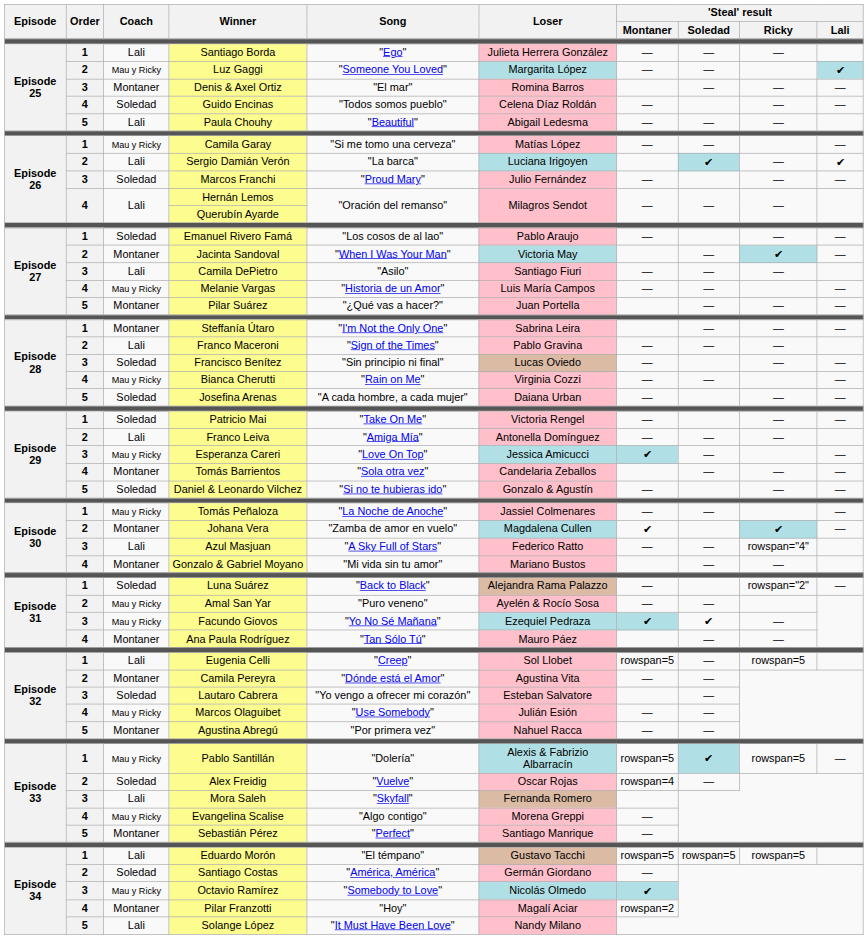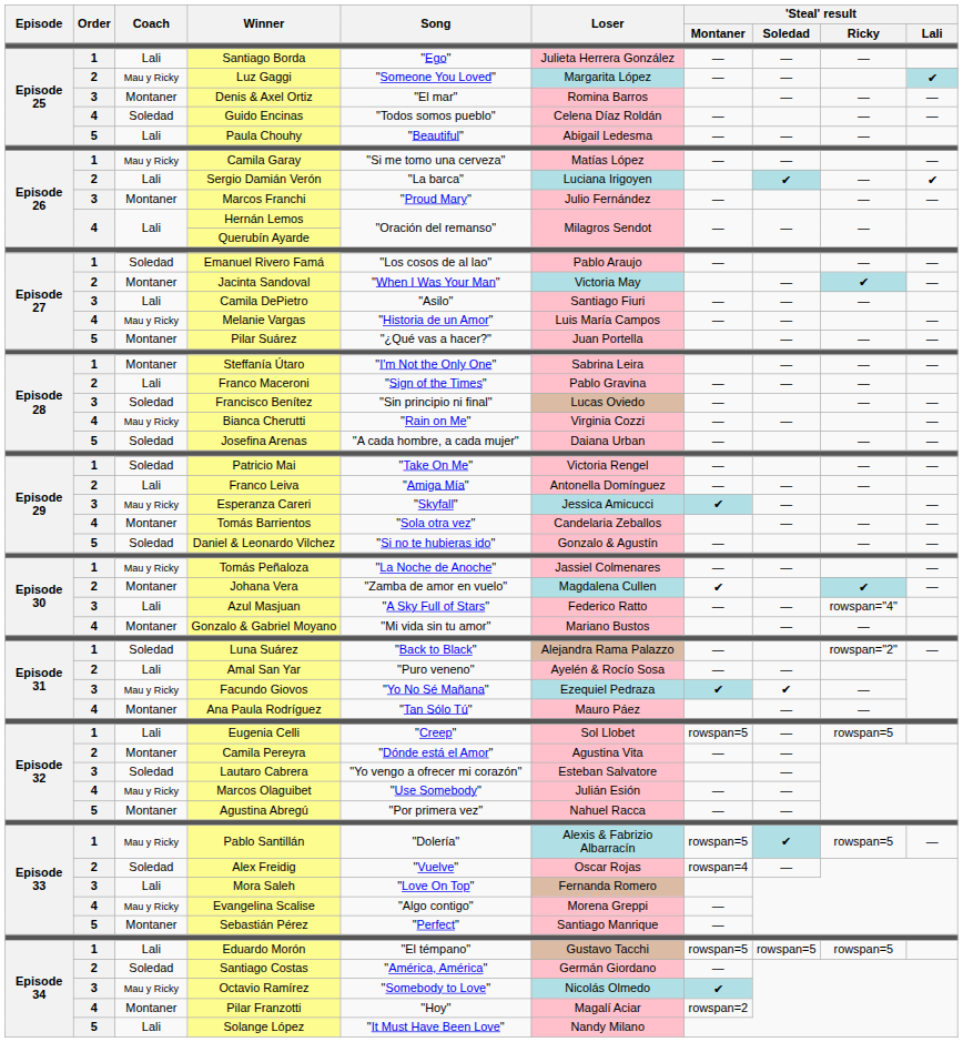 <table class="wikitable" style="text-align: center; width:100%">
 <tr>
 <th rowspan="2" style="width:05%">Episode</th>
 <th rowspan="2" style="width:01%">Order</th>
 <th rowspan="2" style="width:05%">Coach</th>
 <th rowspan="2" style="width:12%">Winner</th>
 <th rowspan="2" style="width:15%">Song</th>
 <th rowspan="2" style="width:12%">Loser</th>
 <th colspan="4" style="width:40%">'Steal' result</th>
 </tr>
 <tr>
 <th style="width:01%">Montaner</th>
 <th style="width:01%">Soledad</th>
 <th style="width:04%"> Ricky</th>
 <th style="width:04%">Lali</th>
 </tr>
 <tr>
 <td colspan="10" style="background:#555"></td>
 </tr>
 <tr>
 <th rowspan="5">Episode 25<br> </th>
 <th scope="row">1</th>
 <td>Lali</td>
 <td style="background:#fdfc8f">Santiago Borda</td>
 <td>"<a href='#'>Ego</a>"</td>
 <td style="background:pink">Julieta Herrera González</td>
 <td>—</td>
 <td>—</td>
 <td>—</td>
 <td></td>
 </tr>
 <tr>
 <th scope="row">2</th>
 <td><small>Mau y Ricky</small></td>
 <td style="background:#fdfc8f">Luz Gaggi</td>
 <td>"<a href='#'>Someone You Loved</a>"</td>
 <td style="background:#b0e0e6">Margarita López</td>
 <td>—</td>
 <td>—</td>
 <td></td>
 <td style="background:#b0e0e6">✔</td>
 </tr>
 <tr>
 <th scope="row">3</th>
 <td>Montaner</td>
 <td style="background:#fdfc8f">Denis & Axel Ortiz</td>
 <td>"El mar"</td>
 <td style="background:pink">Romina Barros</td>
 <td></td>
 <td>—</td>
 <td>—</td>
 <td>—</td>
 </tr>
 <tr>
 <th scope="row">4</th>
 <td>Soledad</td>
 <td style="background:#fdfc8f">Guido Encinas</td>
 <td>"Todos somos pueblo"</td>
 <td style="background:pink">Celena Díaz Roldán</td>
 <td>—</td>
 <td></td>
 <td>—</td>
 <td>—</td>
 </tr>
 <tr>
 <th scope="row">5</th>
 <td>Lali</td>
 <td style="background:#fdfc8f">Paula Chouhy</td>
 <td>"<a href='#'>Beautiful</a>"</td>
 <td style="background:pink">Abigail Ledesma</td>
 <td>—</td>
 <td>—</td>
 <td>—</td>
 <td></td>
 </tr>
 <tr>
 <td colspan="10" style="background:#555"></td>
 </tr>
 <tr>
 <th rowspan="5">Episode 26<br></th>
 <th scope="row">1</th>
 <td><small>Mau y Ricky</small></td>
 <td style="background:#fdfc8f">Camila Garay</td>
 <td>"Si me tomo una cerveza"</td>
 <td style="background:pink">Matías López</td>
 <td>—</td>
 <td>—</td>
 <td></td>
 <td>—</td>
 </tr>
 <tr>
 <th scope="row">2</th>
 <td>Lali</td>
 <td style="background:#fdfc8f">Sergio Damián Verón</td>
 <td>"La barca"</td>
 <td style="background:#b0e0e6">Luciana Irigoyen</td>
 <td></td>
 <td style="background:#b0e0e6">✔</td>
 <td>—</td>
 <td>✔</td>
 </tr>
 <tr>
 <th scope="row">3</th>
-<td>Soledad</td>
+<td>Montaner</td>
 <td style="background:#fdfc8f">Marcos Franchi</td>
 <td>"<a href='#'>Proud Mary</a>"</td>
 <td style="background:pink">Julio Fernández</td>
 <td>—</td>
 <td></td>
 <td>—</td>
 <td>—</td>
 </tr>
 <tr>
 <th rowspan="2">4</th>
 <td rowspan="2">Lali</td>
 <td style="background:#fdfc8f">Hernán Lemos</td>
 <td rowspan="2">"Oración del remanso"</td>
 <td rowspan="2" style="background:pink">Milagros Sendot</td>
 <td rowspan="2">—</td>
 <td rowspan="2">—</td>
 <td rowspan="2">—</td>
 <td rowspan="2"></td>
 </tr>
 <tr>
 <td style="background:#fdfc8f">Querubín Ayarde</td>
 </tr>
 <tr>
 <td colspan="10" style="background:#555"></td>
 </tr>
 <tr>
 <th rowspan="5">Episode 27<br> </th>
 <th scope="row">1</th>
 <td>Soledad</td>
 <td style="background:#fdfc8f">Emanuel Rivero Famá</td>
 <td>"Los cosos de al lao"</td>
 <td style="background:pink">Pablo Araujo</td>
 <td>—</td>
 <td></td>
 <td>—</td>
 <td>—</td>
 </tr>
 <tr>
 <th scope="row">2</th>
 <td>Montaner</td>
 <td style="background:#fdfc8f">Jacinta Sandoval</td>
 <td>"<a href='#'>When I Was Your Man</a>"</td>
 <td style="background:#b0e0e6">Victoria May</td>
 <td></td>
 <td>—</td>
 <td style="background:#b0e0e6">✔</td>
 <td>—</td>
 </tr>
 <tr>
 <th scope="row">3</th>
 <td>Lali</td>
 <td style="background:#fdfc8f">Camila DePietro</td>
 <td>"Asilo"</td>
 <td style="background:pink">Santiago Fiuri</td>
 <td>—</td>
 <td>—</td>
 <td>—</td>
 <td></td>
 </tr>
 <tr>
 <th scope="row">4</th>
 <td><small>Mau y Ricky</small></td>
 <td style="background:#fdfc8f">Melanie Vargas</td>
 <td>"<a href='#'>Historia de un Amor</a>"</td>
 <td style="background:pink">Luis María Campos</td>
 <td>—</td>
 <td>—</td>
 <td></td>
 <td>—</td>
 </tr>
 <tr>
 <th scope="row">5</th>
 <td>Montaner</td>
 <td style="background:#fdfc8f">Pilar Suárez</td>
 <td>"¿Qué vas a hacer?"</td>
 <td style="background:pink">Juan Portella</td>
 <td></td>
 <td>—</td>
 <td>—</td>
 <td>—</td>
 </tr>
 <tr>
 <td colspan="10" style="background:#555"></td>
 </tr>
 <tr>
 <th rowspan="5">Episode 28<br></th>
 <th scope="row">1</th>
 <td>Montaner</td>
 <td style="background:#fdfc8f">Steffanía Útaro</td>
 <td>"<a href='#'>I'm Not the Only One</a>"</td>
 <td style="background:pink">Sabrina Leira</td>
 <td></td>
 <td>—</td>
 <td>—</td>
 <td>—</td>
 </tr>
 <tr>
 <th scope="row">2</th>
 <td>Lali</td>
 <td style="background:#fdfc8f">Franco Maceroni</td>
 <td>"<a href='#'>Sign of the Times</a>"</td>
 <td style="background:pink">Pablo Gravina</td>
 <td>—</td>
 <td>—</td>
 <td>—</td>
 <td></td>
 </tr>
 <tr>
 <th scope="row">3</th>
 <td>Soledad</td>
 <td style="background:#fdfc8f">Francisco Benítez</td>
 <td>"Sin principio ni final"</td>
 <td style="background:#dbbba4">Lucas Oviedo</td>
 <td>—</td>
 <td></td>
 <td>—</td>
 <td>—</td>
 </tr>
 <tr>
 <th scope="row">4</th>
 <td><small>Mau y Ricky</small></td>
 <td style="background:#fdfc8f">Bianca Cherutti</td>
 <td>"<a href='#'>Rain on Me</a>"</td>
 <td style="background:pink">Virginia Cozzi</td>
 <td>—</td>
 <td>—</td>
 <td></td>
 <td>—</td>
 </tr>
 <tr>
 <th scope="row">5</th>
 <td>Soledad</td>
 <td style="background:#fdfc8f">Josefina Arenas</td>
 <td>"A cada hombre, a cada mujer"</td>
 <td style="background:pink">Daiana Urban</td>
 <td>—</td>
 <td></td>
 <td>—</td>
 <td>—</td>
 </tr>
 <tr>
 <td colspan="10" style="background:#555"></td>
 </tr>
 <tr>
 <th rowspan="5">Episode 29<br> </th>
 <th scope="row">1</th>
 <td>Soledad</td>
 <td style="background:#fdfc8f">Patricio Mai</td>
 <td>"<a href='#'>Take On Me</a>"</td>
 <td style="background:pink">Victoria Rengel</td>
 <td>—</td>
 <td></td>
 <td>—</td>
 <td>—</td>
 </tr>
 <tr>
 <th scope="row">2</th>
 <td>Lali</td>
 <td style="background:#fdfc8f">Franco Leiva</td>
 <td>"<a href='#'>Amiga Mía</a>"</td>
 <td style="background:pink">Antonella Domínguez</td>
 <td>—</td>
 <td>—</td>
 <td>—</td>
 <td></td>
 </tr>
 <tr>
 <th scope="row">3</th>
 <td><small>Mau y Ricky</small></td>
 <td style="background:#fdfc8f">Esperanza Careri</td>
-<td>"<a href='#'>Love On Top</a>"</td>
+<td>"<a href='#'>Skyfall</a>"</td>
 <td style="background:#b0e0e6">Jessica Amicucci</td>
 <td style="background:#b0e0e6">✔</td>
 <td>—</td>
 <td></td>
 <td>—</td>
 </tr>
 <tr>
 <th scope="row">4</th>
 <td>Montaner</td>
 <td style="background:#fdfc8f">Tomás Barrientos</td>
 <td>"<a href='#'>Sola otra vez</a>"</td>
 <td style="background:pink">Candelaria Zeballos</td>
 <td></td>
 <td>—</td>
 <td>—</td>
 <td>—</td>
 </tr>
 <tr>
 <th scope="row">5</th>
 <td>Soledad</td>
 <td style="background:#fdfc8f">Daniel & Leonardo Vilchez</td>
 <td>"<a href='#'>Si no te hubieras ido</a>"</td>
 <td style="background:pink">Gonzalo & Agustín</td>
 <td>—</td>
 <td></td>
 <td>—</td>
 <td>—</td>
 </tr>
 <tr>
 <td colspan="10" style="background:#555"></td>
 </tr>
 <tr>
 <th rowspan="4">Episode 30<br></th>
 <th scope="row">1</th>
 <td><small>Mau y Ricky</small></td>
 <td style="background:#fdfc8f">Tomás Peñaloza</td>
 <td>"<a href='#'>La Noche de Anoche</a>"</td>
 <td style="background:pink">Jassiel Colmenares</td>
 <td>—</td>
 <td>—</td>
 <td></td>
 <td>—</td>
 </tr>
 <tr>
 <th scope="row">2</th>
 <td>Montaner</td>
 <td style="background:#fdfc8f">Johana Vera</td>
 <td>"Zamba de amor en vuelo"</td>
 <td style="background:#b0e0e6">Magdalena Cullen</td>
 <td>✔</td>
 <td></td>
 <td style="background:#b0e0e6">✔</td>
 <td>—</td>
 </tr>
 <tr>
 <th scope="row">3</th>
 <td>Lali</td>
 <td style="background:#fdfc8f">Azul Masjuan</td>
 <td>"<a href='#'>A Sky Full of Stars</a>"</td>
 <td style="background:pink">Federico Ratto</td>
 <td>—</td>
 <td>—</td>
 <td>rowspan="4" </td>
 <td></td>
 </tr>
 <tr>
 <th scope="row">4</th>
 <td>Montaner</td>
 <td style="background:#fdfc8f">Gonzalo & Gabriel Moyano</td>
 <td>"Mi vida sin tu amor"</td>
 <td style="background:pink">Mariano Bustos</td>
 <td></td>
 <td>—</td>
 <td>—</td>
 </tr>
 <tr>
 <td colspan="10" style="background:#555"></td>
 </tr>
 <tr>
 <th rowspan="4">Episode 31<br> </th>
 <th scope="row">1</th>
 <td>Soledad</td>
 <td style="background:#fdfc8f">Luna Suárez</td>
 <td>"<a href='#'>Back to Black</a>"</td>
 <td style="background:#dbbba4">Alejandra Rama Palazzo</td>
 <td>—</td>
 <td></td>
 <td>rowspan="2" </td>
 <td>—</td>
 </tr>
 <tr>
 <th scope="row">2</th>
-<td><small>Mau y Ricky</small></td>
+<td>Lali</td>
 <td style="background:#fdfc8f">Amal San Yar</td>
 <td>"Puro veneno"</td>
 <td style="background:pink">Ayelén & Rocío Sosa</td>
 <td>—</td>
 <td>—</td>
 <td></td>
 </tr>
 <tr>
 <th scope="row">3</th>
 <td><small>Mau y Ricky</small></td>
 <td style="background:#fdfc8f">Facundo Giovos</td>
 <td>"<a href='#'>Yo No Sé Mañana</a>"</td>
 <td style="background:#b0e0e6">Ezequiel Pedraza</td>
 <td style="background:#b0e0e6">✔</td>
 <td>✔</td>
 <td>—</td>
 </tr>
 <tr>
 <th scope="row">4</th>
 <td>Montaner</td>
 <td style="background:#fdfc8f">Ana Paula Rodríguez</td>
 <td>"<a href='#'>Tan Sólo Tú</a>"</td>
 <td style="background:pink">Mauro Páez</td>
 <td></td>
 <td>—</td>
 <td>—</td>
 </tr>
 <tr>
 <td colspan="10" style="background:#555"></td>
 </tr>
 <tr>
 <th rowspan="5">Episode 32<br></th>
 <th scope="row">1</th>
 <td>Lali</td>
 <td style="background:#fdfc8f">Eugenia Celli</td>
 <td>"<a href='#'>Creep</a>"</td>
 <td style="background:pink">Sol Llobet</td>
 <td>rowspan=5 </td>
 <td>—</td>
 <td>rowspan=5 </td>
 <td></td>
 </tr>
 <tr>
 <th scope="row">2</th>
 <td>Montaner</td>
 <td style="background:#fdfc8f">Camila Pereyra</td>
 <td>"<a href='#'>Dónde está el Amor</a>"</td>
 <td style="background:pink">Agustina Vita</td>
 <td>—</td>
 <td>—</td>
 </tr>
 <tr>
 <th scope="row">3</th>
 <td>Soledad</td>
 <td style="background:#fdfc8f">Lautaro Cabrera</td>
 <td>"Yo vengo a ofrecer mi corazón"</td>
 <td style="background:pink">Esteban Salvatore</td>
 <td></td>
 <td>—</td>
 </tr>
 <tr>
 <th scope="row">4</th>
 <td><small>Mau y Ricky</small></td>
 <td style="background:#fdfc8f">Marcos Olaguibet</td>
 <td>"<a href='#'>Use Somebody</a>"</td>
 <td style="background:pink">Julián Esión</td>
 <td>—</td>
 <td>—</td>
 </tr>
 <tr>
 <th scope="row">5</th>
 <td>Montaner</td>
 <td style="background:#fdfc8f">Agustina Abregú</td>
 <td>"Por primera vez"</td>
 <td style="background:pink">Nahuel Racca</td>
 <td>—</td>
 <td>—</td>
 </tr>
 <tr>
 <td colspan="10" style="background:#555"></td>
 </tr>
 <tr>
 <th rowspan="5">Episode 33<br> </th>
 <th scope="row">1</th>
 <td><small>Mau y Ricky</small></td>
 <td style="background:#fdfc8f">Pablo Santillán</td>
 <td>"Dolería"</td>
 <td style="background:#b0e0e6">Alexis & Fabrizio Albarracín</td>
 <td>rowspan=5 </td>
 <td style="background:#b0e0e6">✔</td>
 <td>rowspan=5 </td>
 <td>—</td>
 </tr>
 <tr>
 <th scope="row">2</th>
 <td>Soledad</td>
 <td style="background:#fdfc8f">Alex Freidig</td>
 <td>"<a href='#'>Vuelve</a>"</td>
 <td style="background:pink">Oscar Rojas</td>
 <td>rowspan=4 </td>
 <td>—</td>
 </tr>
 <tr>
 <th scope="row">3</th>
 <td>Lali</td>
 <td style="background:#fdfc8f">Mora Saleh</td>
-<td>"<a href='#'>Skyfall</a>"</td>
+<td>"<a href='#'>Love On Top</a>"</td>
 <td style="background:#dbbba4">Fernanda Romero</td>
 <td></td>
 </tr>
 <tr>
 <th scope="row">4</th>
 <td><small>Mau y Ricky</small></td>
 <td style="background:#fdfc8f">Evangelina Scalise</td>
 <td>"Algo contigo"</td>
 <td style="background:pink">Morena Greppi</td>
 <td>—</td>
 </tr>
 <tr>
 <th scope="row">5</th>
 <td>Montaner</td>
 <td style="background:#fdfc8f">Sebastián Pérez</td>
 <td>"<a href='#'>Perfect</a>"</td>
 <td style="background:pink">Santiago Manrique</td>
 <td>—</td>
 </tr>
 <tr>
 <td colspan="10" style="background:#555"></td>
 </tr>
 <tr>
 <th rowspan="5">Episode 34<br></th>
 <th scope="row">1</th>
 <td>Lali</td>
 <td style="background:#fdfc8f">Eduardo Morón</td>
 <td>"El témpano"</td>
 <td style="background:#dbbba4">Gustavo Tacchi</td>
 <td>rowspan=5 </td>
 <td>rowspan=5 </td>
 <td>rowspan=5 </td>
 <td></td>
 </tr>
 <tr>
 <th scope="row">2</th>
 <td>Soledad</td>
 <td style="background:#fdfc8f">Santiago Costas</td>
 <td>"<a href='#'>América, América</a>"</td>
 <td style="background:pink">Germán Giordano</td>
 <td>—</td>
 </tr>
 <tr>
 <th scope="row">3</th>
 <td><small>Mau y Ricky</small></td>
 <td style="background:#fdfc8f">Octavio Ramírez</td>
 <td>"<a href='#'>Somebody to Love</a>"</td>
 <td style="background:#b0e0e6">Nicolás Olmedo</td>
 <td style="background:#b0e0e6">✔</td>
 </tr>
 <tr>
 <th scope="row">4</th>
 <td>Montaner</td>
 <td style="background:#fdfc8f">Pilar Franzotti</td>
 <td>"Hoy"</td>
 <td style="background:pink">Magalí Aciar</td>
 <td>rowspan=2 </td>
 </tr>
 <tr>
 <th scope="row">5</th>
 <td>Lali</td>
 <td style="background:#fdfc8f">Solange López</td>
 <td>"<a href='#'>It Must Have Been Love</a>"</td>
 <td style="background:pink">Nandy Milano</td>
 </tr>
 </table>
